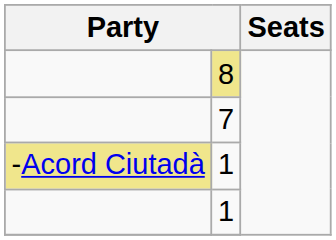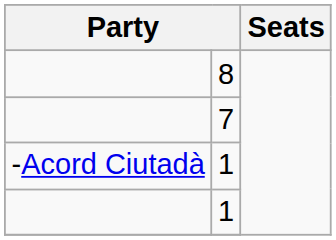 <table class="wikitable" border="1">
 <tr>
 <th colspan="2" rowspan="1" align="center" valign="top"><strong>Party</strong></th>
 <th valign="top"><strong>Seats</strong></th>
 </tr>
 <tr>
 <td></td>
-<td style="background: khaki;">8</td>
+<td>8</td>
 </tr>
 <tr>
 <td></td>
 <td>7</td>
 </tr>
 <tr>
-<td style="background: khaki;">-<a href='#'>Acord Ciutadà</a></td>
+<td>-<a href='#'>Acord Ciutadà</a></td>
 <td>1</td>
 </tr>
 <tr>
 <td></td>
 <td>1</td>
 </tr>
 <tr>
 </tr>
 </table>
